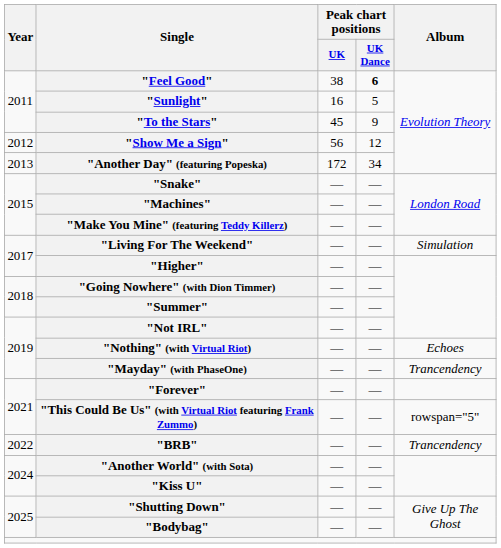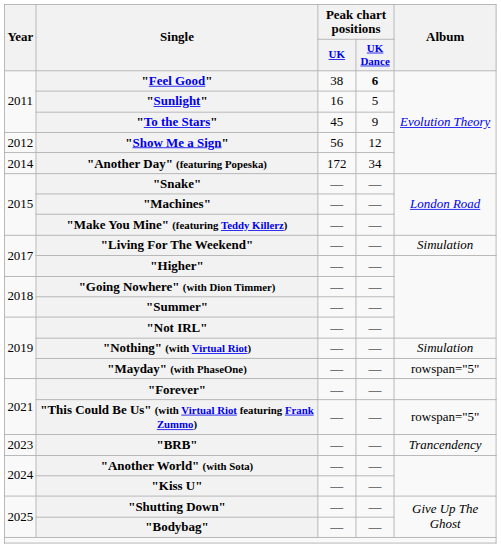 <table class="wikitable plainrowheaders" style="text-align:center;" border="1">
 <tr>
 <th scope="col" rowspan="2">Year</th>
 <th scope="col" rowspan="2">Single</th>
 <th scope="col" colspan="2">Peak chart positions</th>
 <th scope="col" rowspan="2">Album</th>
 </tr>
 <tr>
 <th scope="col" style="width: 3em; font-size: 85%;"><a href='#'>UK</a><br></th>
 <th scope="col" style="width: 3em; font-size: 85%;"><a href='#'>UK<br>Dance</a><br></th>
 </tr>
 <tr>
 <td rowspan="3">2011</td>
 <th scope="row">"<a href='#'>Feel Good</a>"</th>
 <td>38</td>
 <td><strong>6</strong></td>
 <td rowspan="5"><em><a href='#'>Evolution Theory</a></em></td>
 </tr>
 <tr>
 <th scope="row">"<a href='#'>Sunlight</a>"</th>
 <td>16</td>
 <td>5</td>
 </tr>
 <tr>
 <th scope="row">"<a href='#'>To the Stars</a>"</th>
 <td>45</td>
 <td>9</td>
 </tr>
 <tr>
 <td rowspan="1">2012</td>
 <th scope="row">"<a href='#'>Show Me a Sign</a>"</th>
 <td>56</td>
 <td>12</td>
 </tr>
 <tr>
-<td rowspan="1">2013</td>
+<td rowspan="1">2014</td>
 <th scope="row">"Another Day" <small>(featuring Popeska)</small></th>
 <td>172</td>
 <td>34</td>
 </tr>
 <tr>
 <td rowspan="3">2015</td>
 <th scope="row">"Snake"</th>
 <td>—</td>
 <td>—</td>
 <td rowspan="3"><em><a href='#'>London Road</a></em></td>
 </tr>
 <tr>
 <th scope="row">"Machines"</th>
 <td>—</td>
 <td>—</td>
 </tr>
 <tr>
 <th scope="row">"Make You Mine" <small>(featuring <a href='#'>Teddy Killerz</a>)</small></th>
 <td>—</td>
 <td>—</td>
 </tr>
 <tr>
 <td rowspan="2">2017</td>
 <th scope="row">"Living For The Weekend"</th>
 <td>—</td>
 <td>—</td>
 <td><em>Simulation</em></td>
 </tr>
 <tr>
 <th scope="row">"Higher"</th>
 <td>—</td>
 <td>—</td>
 </tr>
 <tr>
 <td rowspan="2">2018</td>
 <th scope="row">"Going Nowhere" <small>(with Dion Timmer)</small></th>
 <td>—</td>
 <td>—</td>
 </tr>
 <tr>
 <th scope="row">"Summer"</th>
 <td>—</td>
 <td>—</td>
 </tr>
 <tr>
 <td rowspan="3">2019</td>
 <th scope="row">"Not IRL"</th>
 <td>—</td>
 <td>—</td>
 </tr>
 <tr>
 <th scope="row">"Nothing" <small>(with <a href='#'>Virtual Riot</a>)</small></th>
 <td>—</td>
 <td>—</td>
-<td><em>Echoes</em></td>
+<td><em>Simulation</em></td>
 </tr>
 <tr>
 <th scope="row">"Mayday" <small>(with PhaseOne)</small></th>
 <td>—</td>
 <td>—</td>
-<td><em>Trancendency</em></td>
+<td>rowspan="5" </td>
 </tr>
 <tr>
 <td rowspan="2">2021</td>
 <th scope="row">"Forever"</th>
 <td>—</td>
 <td>—</td>
 <td></td>
 </tr>
 <tr>
 <th scope="row">"This Could Be Us" <small>(with <a href='#'>Virtual Riot</a> featuring <a href='#'>Frank Zummo</a>)</small></th>
 <td>—</td>
 <td>—</td>
 <td>rowspan="5" </td>
 </tr>
 <tr>
-<td>2022</td>
+<td>2023</td>
 <th scope="row">"BRB"</th>
 <td>—</td>
 <td>—</td>
 <td><em>Trancendency</em></td>
 </tr>
 <tr>
 <td rowspan="2">2024</td>
 <th scope="row">"Another World" <small>(with Sota)</small></th>
 <td>—</td>
 <td>—</td>
 </tr>
 <tr>
 <th scope="row">"Kiss U"</th>
 <td>—</td>
 <td>—</td>
 </tr>
 <tr>
 <td rowspan="2">2025</td>
 <th scope="row">"Shutting Down"</th>
 <td>—</td>
 <td>—</td>
 <td rowspan="2"><em>Give Up The Ghost</em></td>
 </tr>
 <tr>
 <th scope="row">"Bodybag"</th>
 <td>—</td>
 <td>—</td>
 </tr>
 <tr>
 <td colspan="5"></td>
 </tr>
 </table>
